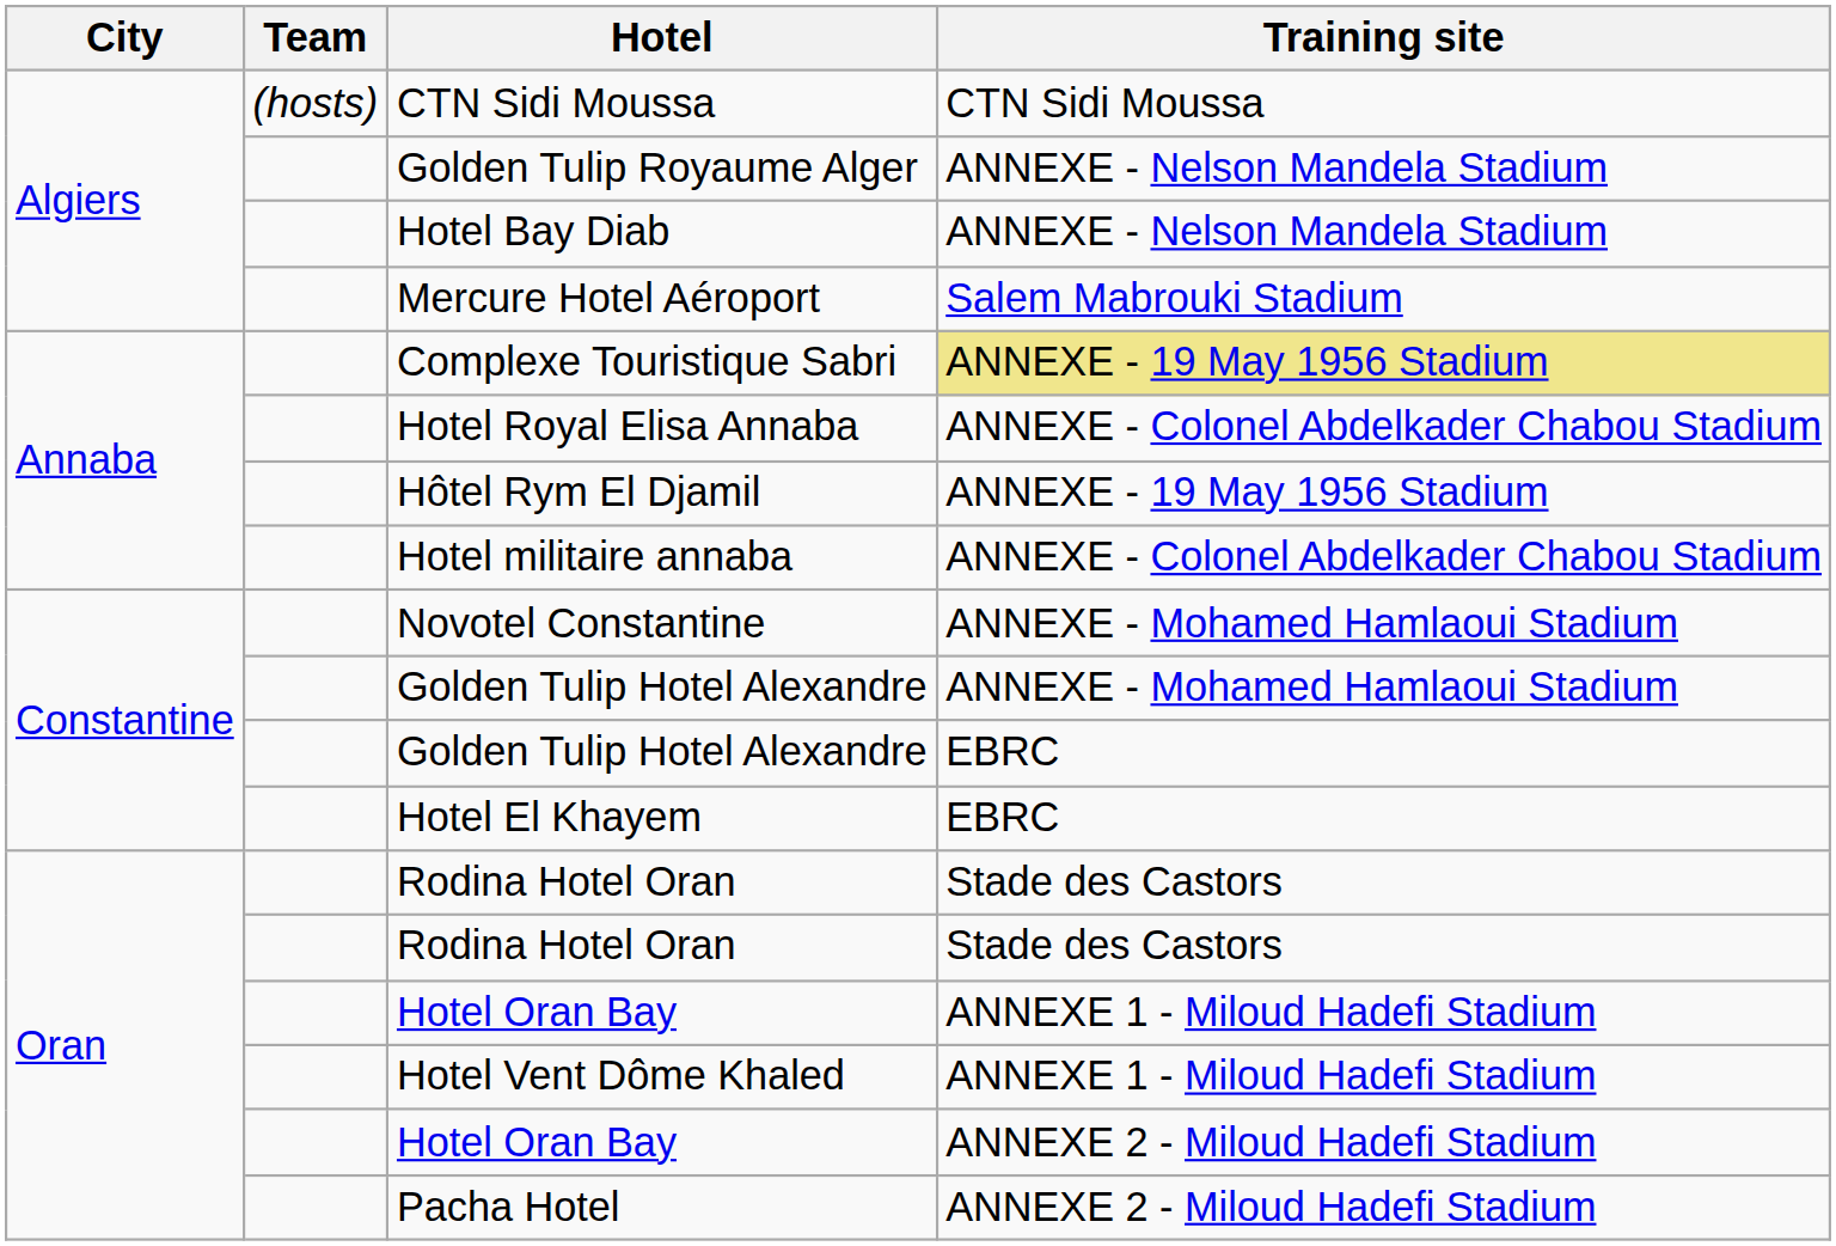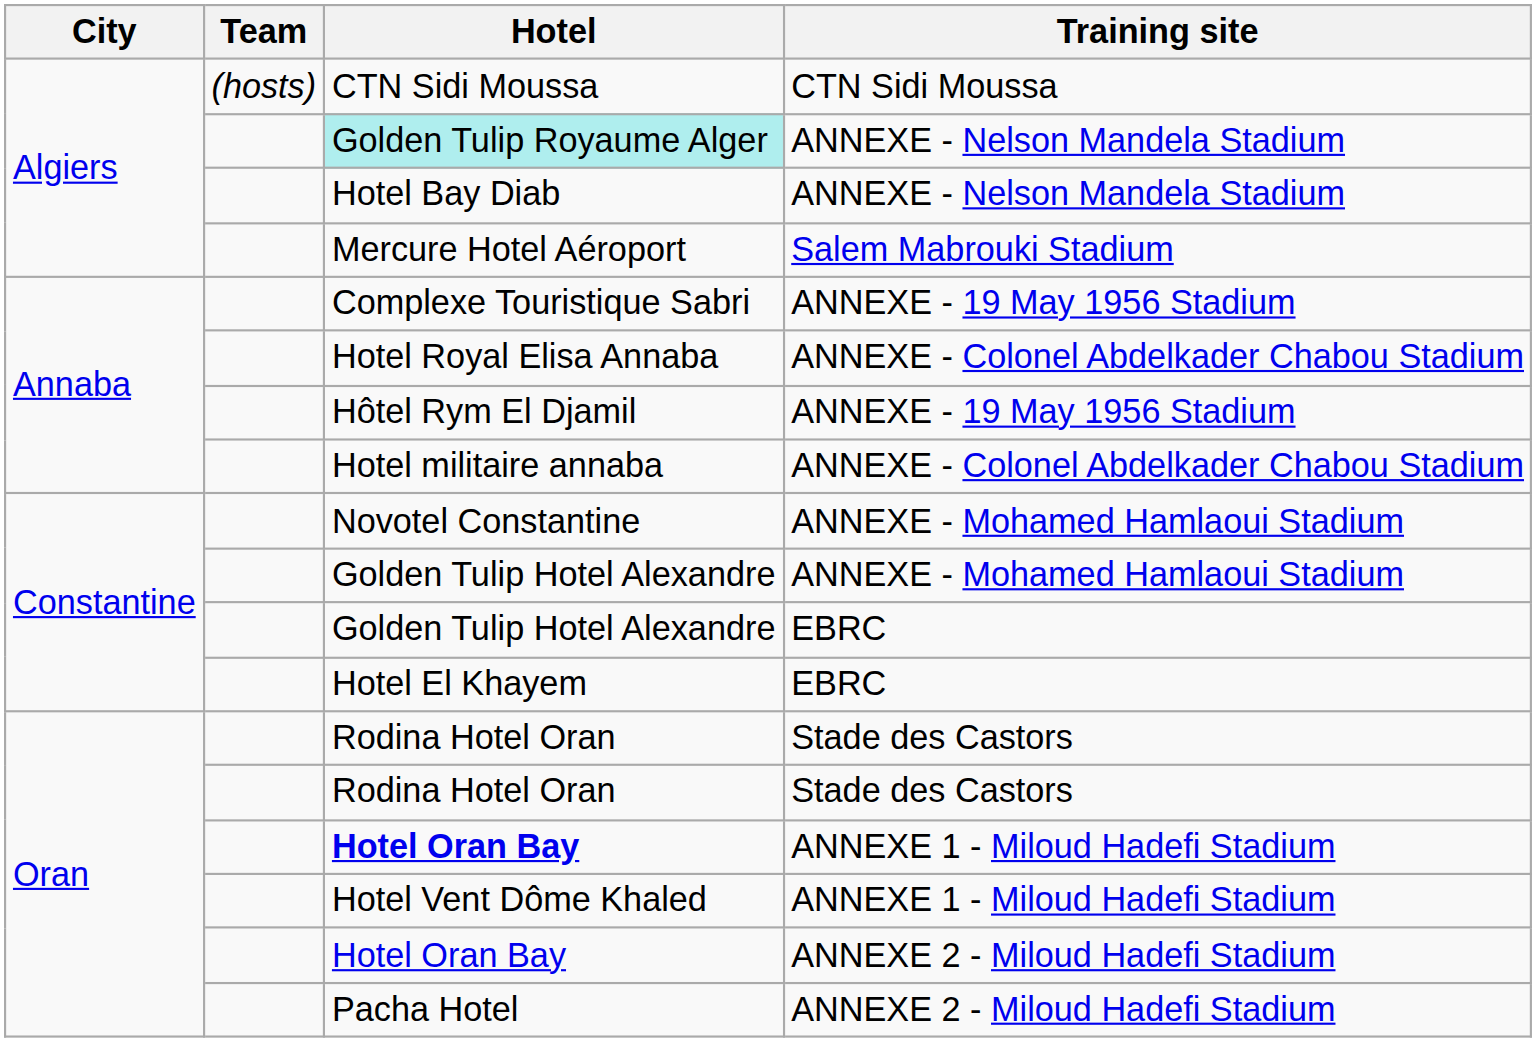 <table class="wikitable sortable mw-collapsible mw-collapsed">
 <tr>
 <th>City</th>
 <th>Team</th>
 <th>Hotel</th>
 <th>Training site</th>
 </tr>
 <tr>
 <td rowspan=4><a href='#'>Algiers</a></td>
 <td> <em>(hosts)</em></td>
 <td>CTN Sidi Moussa</td>
 <td>CTN Sidi Moussa</td>
 </tr>
 <tr>
 <td></td>
-<td>Golden Tulip Royaume Alger</td>
+<td style="background: paleturquoise;">Golden Tulip Royaume Alger</td>
 <td>ANNEXE - <a href='#'>Nelson Mandela Stadium</a></td>
 </tr>
 <tr>
 <td></td>
 <td>Hotel Bay Diab</td>
 <td>ANNEXE - <a href='#'>Nelson Mandela Stadium</a></td>
 </tr>
 <tr>
 <td></td>
 <td>Mercure Hotel Aéroport</td>
 <td><a href='#'>Salem Mabrouki Stadium</a></td>
 </tr>
 <tr>
 <td rowspan=4><a href='#'>Annaba</a></td>
 <td></td>
 <td>Complexe Touristique Sabri</td>
-<td style="background: khaki;">ANNEXE - <a href='#'>19 May 1956 Stadium</a></td>
+<td>ANNEXE - <a href='#'>19 May 1956 Stadium</a></td>
 </tr>
 <tr>
 <td></td>
 <td>Hotel Royal Elisa Annaba</td>
 <td>ANNEXE - <a href='#'>Colonel Abdelkader Chabou Stadium</a></td>
 </tr>
 <tr>
 <td></td>
 <td>Hôtel Rym El Djamil</td>
 <td>ANNEXE - <a href='#'>19 May 1956 Stadium</a></td>
 </tr>
 <tr>
 <td></td>
 <td>Hotel militaire annaba</td>
 <td>ANNEXE - <a href='#'>Colonel Abdelkader Chabou Stadium</a></td>
 </tr>
 <tr>
 <td rowspan=4><a href='#'>Constantine</a></td>
 <td><s></s></td>
 <td>Novotel Constantine</td>
 <td>ANNEXE - <a href='#'>Mohamed Hamlaoui Stadium</a></td>
 </tr>
 <tr>
 <td></td>
 <td>Golden Tulip Hotel Alexandre</td>
 <td>ANNEXE - <a href='#'>Mohamed Hamlaoui Stadium</a></td>
 </tr>
 <tr>
 <td></td>
 <td>Golden Tulip Hotel Alexandre</td>
 <td>EBRC</td>
 </tr>
 <tr>
 <td></td>
 <td>Hotel El Khayem</td>
 <td>EBRC</td>
 </tr>
 <tr>
 <td rowspan=6><a href='#'>Oran</a></td>
 <td></td>
 <td>Rodina Hotel Oran</td>
 <td>Stade des Castors</td>
 </tr>
 <tr>
 <td></td>
 <td>Rodina Hotel Oran</td>
 <td>Stade des Castors</td>
 </tr>
 <tr>
 <td></td>
-<td><a href='#'>Hotel Oran Bay</a></td>
+<td><strong><a href='#'>Hotel Oran Bay</a></strong></td>
 <td>ANNEXE 1 - <a href='#'>Miloud Hadefi Stadium</a></td>
 </tr>
 <tr>
 <td></td>
 <td>Hotel Vent Dôme Khaled</td>
 <td>ANNEXE 1 - <a href='#'>Miloud Hadefi Stadium</a></td>
 </tr>
 <tr>
 <td></td>
 <td><a href='#'>Hotel Oran Bay</a></td>
 <td>ANNEXE 2 - <a href='#'>Miloud Hadefi Stadium</a></td>
 </tr>
 <tr>
 <td></td>
 <td>Pacha Hotel</td>
 <td>ANNEXE 2 - <a href='#'>Miloud Hadefi Stadium</a></td>
 </tr>
 </table>
